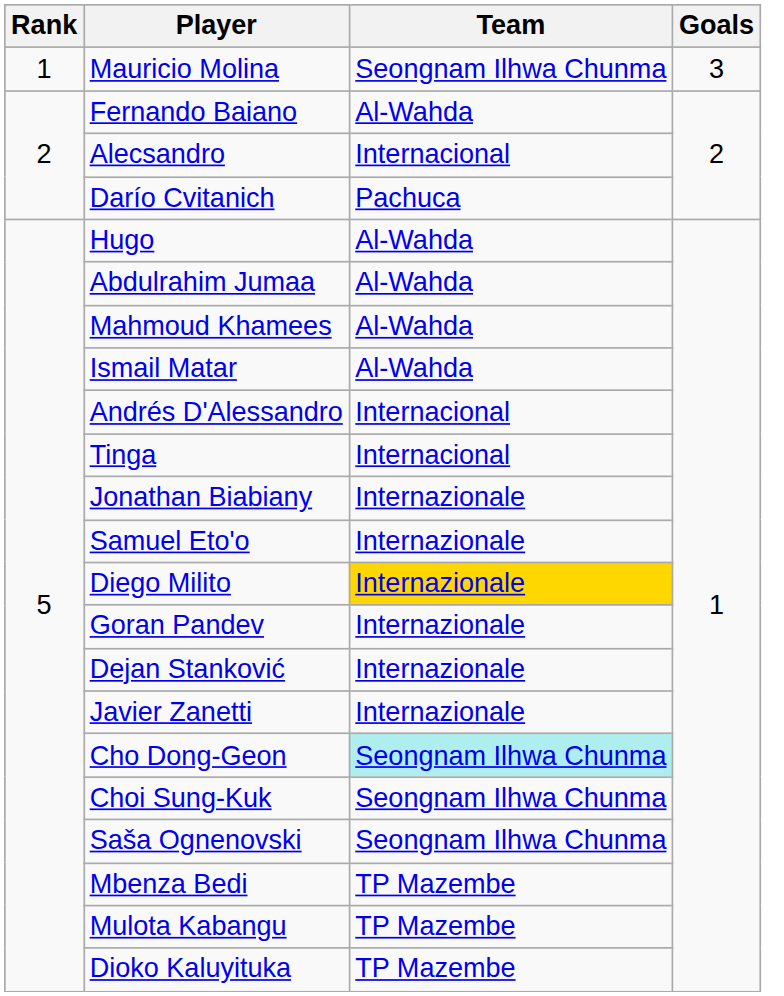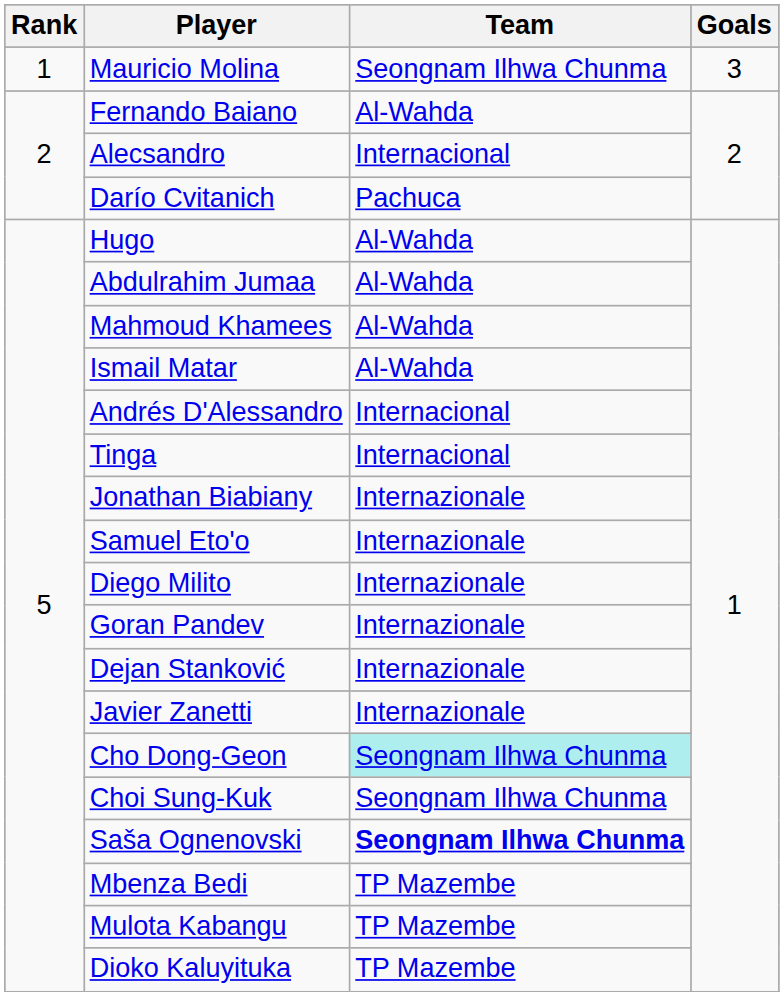 <table class="wikitable" style="text-align:center">
 <tr>
 <th>Rank</th>
 <th>Player</th>
 <th>Team</th>
 <th>Goals</th>
 </tr>
 <tr>
 <td>1</td>
 <td style="text-align:left"> <a href='#'>Mauricio Molina</a></td>
 <td style="text-align:left"> <a href='#'>Seongnam Ilhwa Chunma</a></td>
 <td>3</td>
 </tr>
 <tr>
 <td rowspan=3>2</td>
 <td style="text-align:left"> <a href='#'>Fernando Baiano</a></td>
 <td style="text-align:left"> <a href='#'>Al-Wahda</a></td>
 <td rowspan=3>2</td>
 </tr>
 <tr>
 <td style="text-align:left"> <a href='#'>Alecsandro</a></td>
 <td style="text-align:left"> <a href='#'>Internacional</a></td>
 </tr>
 <tr>
 <td style="text-align:left"> <a href='#'>Darío Cvitanich</a></td>
 <td style="text-align:left"> <a href='#'>Pachuca</a></td>
 </tr>
 <tr>
 <td rowspan=18>5</td>
 <td style="text-align:left"> <a href='#'>Hugo</a></td>
 <td style="text-align:left"> <a href='#'>Al-Wahda</a></td>
 <td rowspan=18>1</td>
 </tr>
 <tr>
 <td style="text-align:left"> <a href='#'>Abdulrahim Jumaa</a></td>
 <td style="text-align:left"> <a href='#'>Al-Wahda</a></td>
 </tr>
 <tr>
 <td style="text-align:left"> <a href='#'>Mahmoud Khamees</a></td>
 <td style="text-align:left"> <a href='#'>Al-Wahda</a></td>
 </tr>
 <tr>
 <td style="text-align:left"> <a href='#'>Ismail Matar</a></td>
 <td style="text-align:left"> <a href='#'>Al-Wahda</a></td>
 </tr>
 <tr>
 <td style="text-align:left"> <a href='#'>Andrés D'Alessandro</a></td>
 <td style="text-align:left"> <a href='#'>Internacional</a></td>
 </tr>
 <tr>
 <td style="text-align:left"> <a href='#'>Tinga</a></td>
 <td style="text-align:left"> <a href='#'>Internacional</a></td>
 </tr>
 <tr>
 <td style="text-align:left"> <a href='#'>Jonathan Biabiany</a></td>
 <td style="text-align:left"> <a href='#'>Internazionale</a></td>
 </tr>
 <tr>
 <td style="text-align:left"> <a href='#'>Samuel Eto'o</a></td>
 <td style="text-align:left"> <a href='#'>Internazionale</a></td>
 </tr>
 <tr>
 <td style="text-align:left"> <a href='#'>Diego Milito</a></td>
-<td style="background: gold; text-align:left"> <a href='#'>Internazionale</a></td>
+<td style="text-align:left"> <a href='#'>Internazionale</a></td>
 </tr>
 <tr>
 <td style="text-align:left"> <a href='#'>Goran Pandev</a></td>
 <td style="text-align:left"> <a href='#'>Internazionale</a></td>
 </tr>
 <tr>
 <td style="text-align:left"> <a href='#'>Dejan Stanković</a></td>
 <td style="text-align:left"> <a href='#'>Internazionale</a></td>
 </tr>
 <tr>
 <td style="text-align:left"> <a href='#'>Javier Zanetti</a></td>
 <td style="text-align:left"> <a href='#'>Internazionale</a></td>
 </tr>
 <tr>
 <td style="text-align:left"> <a href='#'>Cho Dong-Geon</a></td>
 <td style="background: paleturquoise; text-align:left"> <a href='#'>Seongnam Ilhwa Chunma</a></td>
 </tr>
 <tr>
 <td style="text-align:left"> <a href='#'>Choi Sung-Kuk</a></td>
 <td style="text-align:left"> <a href='#'>Seongnam Ilhwa Chunma</a></td>
 </tr>
 <tr>
 <td style="text-align:left"> <a href='#'>Saša Ognenovski</a></td>
-<td style="text-align:left"> <a href='#'>Seongnam Ilhwa Chunma</a></td>
+<td style="text-align:left"><strong> <a href='#'>Seongnam Ilhwa Chunma</a></strong></td>
 </tr>
 <tr>
 <td style="text-align:left"> <a href='#'>Mbenza Bedi</a></td>
 <td style="text-align:left"> <a href='#'>TP Mazembe</a></td>
 </tr>
 <tr>
 <td style="text-align:left"> <a href='#'>Mulota Kabangu</a></td>
 <td style="text-align:left"> <a href='#'>TP Mazembe</a></td>
 </tr>
 <tr>
 <td style="text-align:left"> <a href='#'>Dioko Kaluyituka</a></td>
 <td style="text-align:left"> <a href='#'>TP Mazembe</a></td>
 </tr>
 </table>
